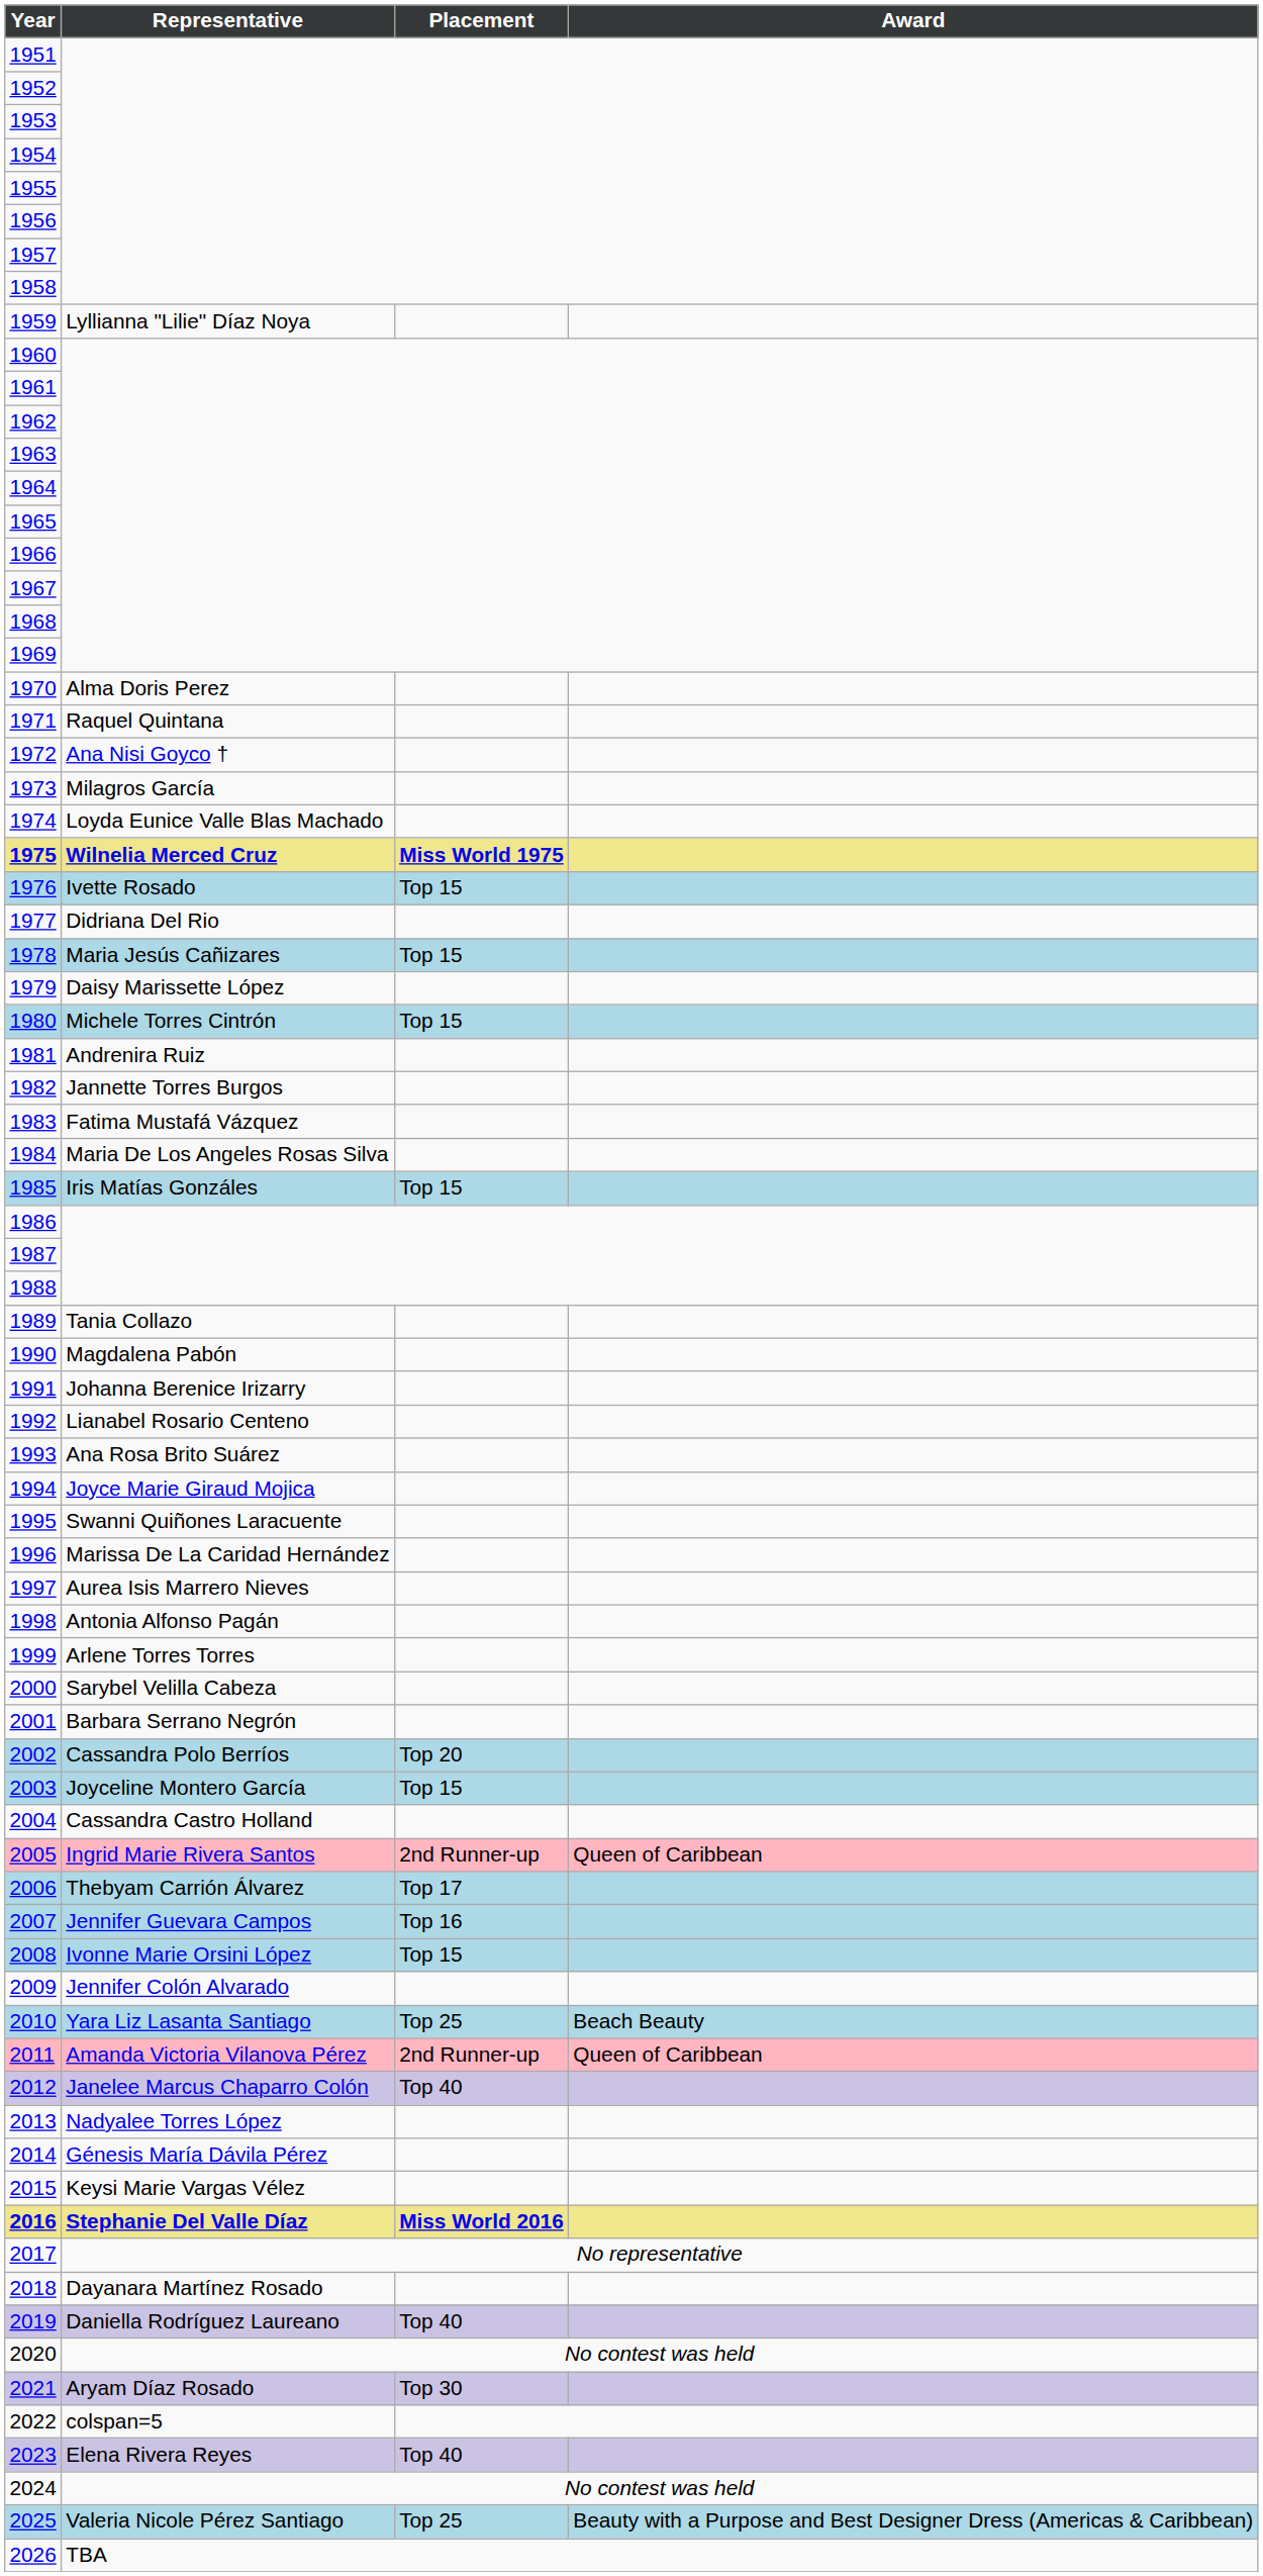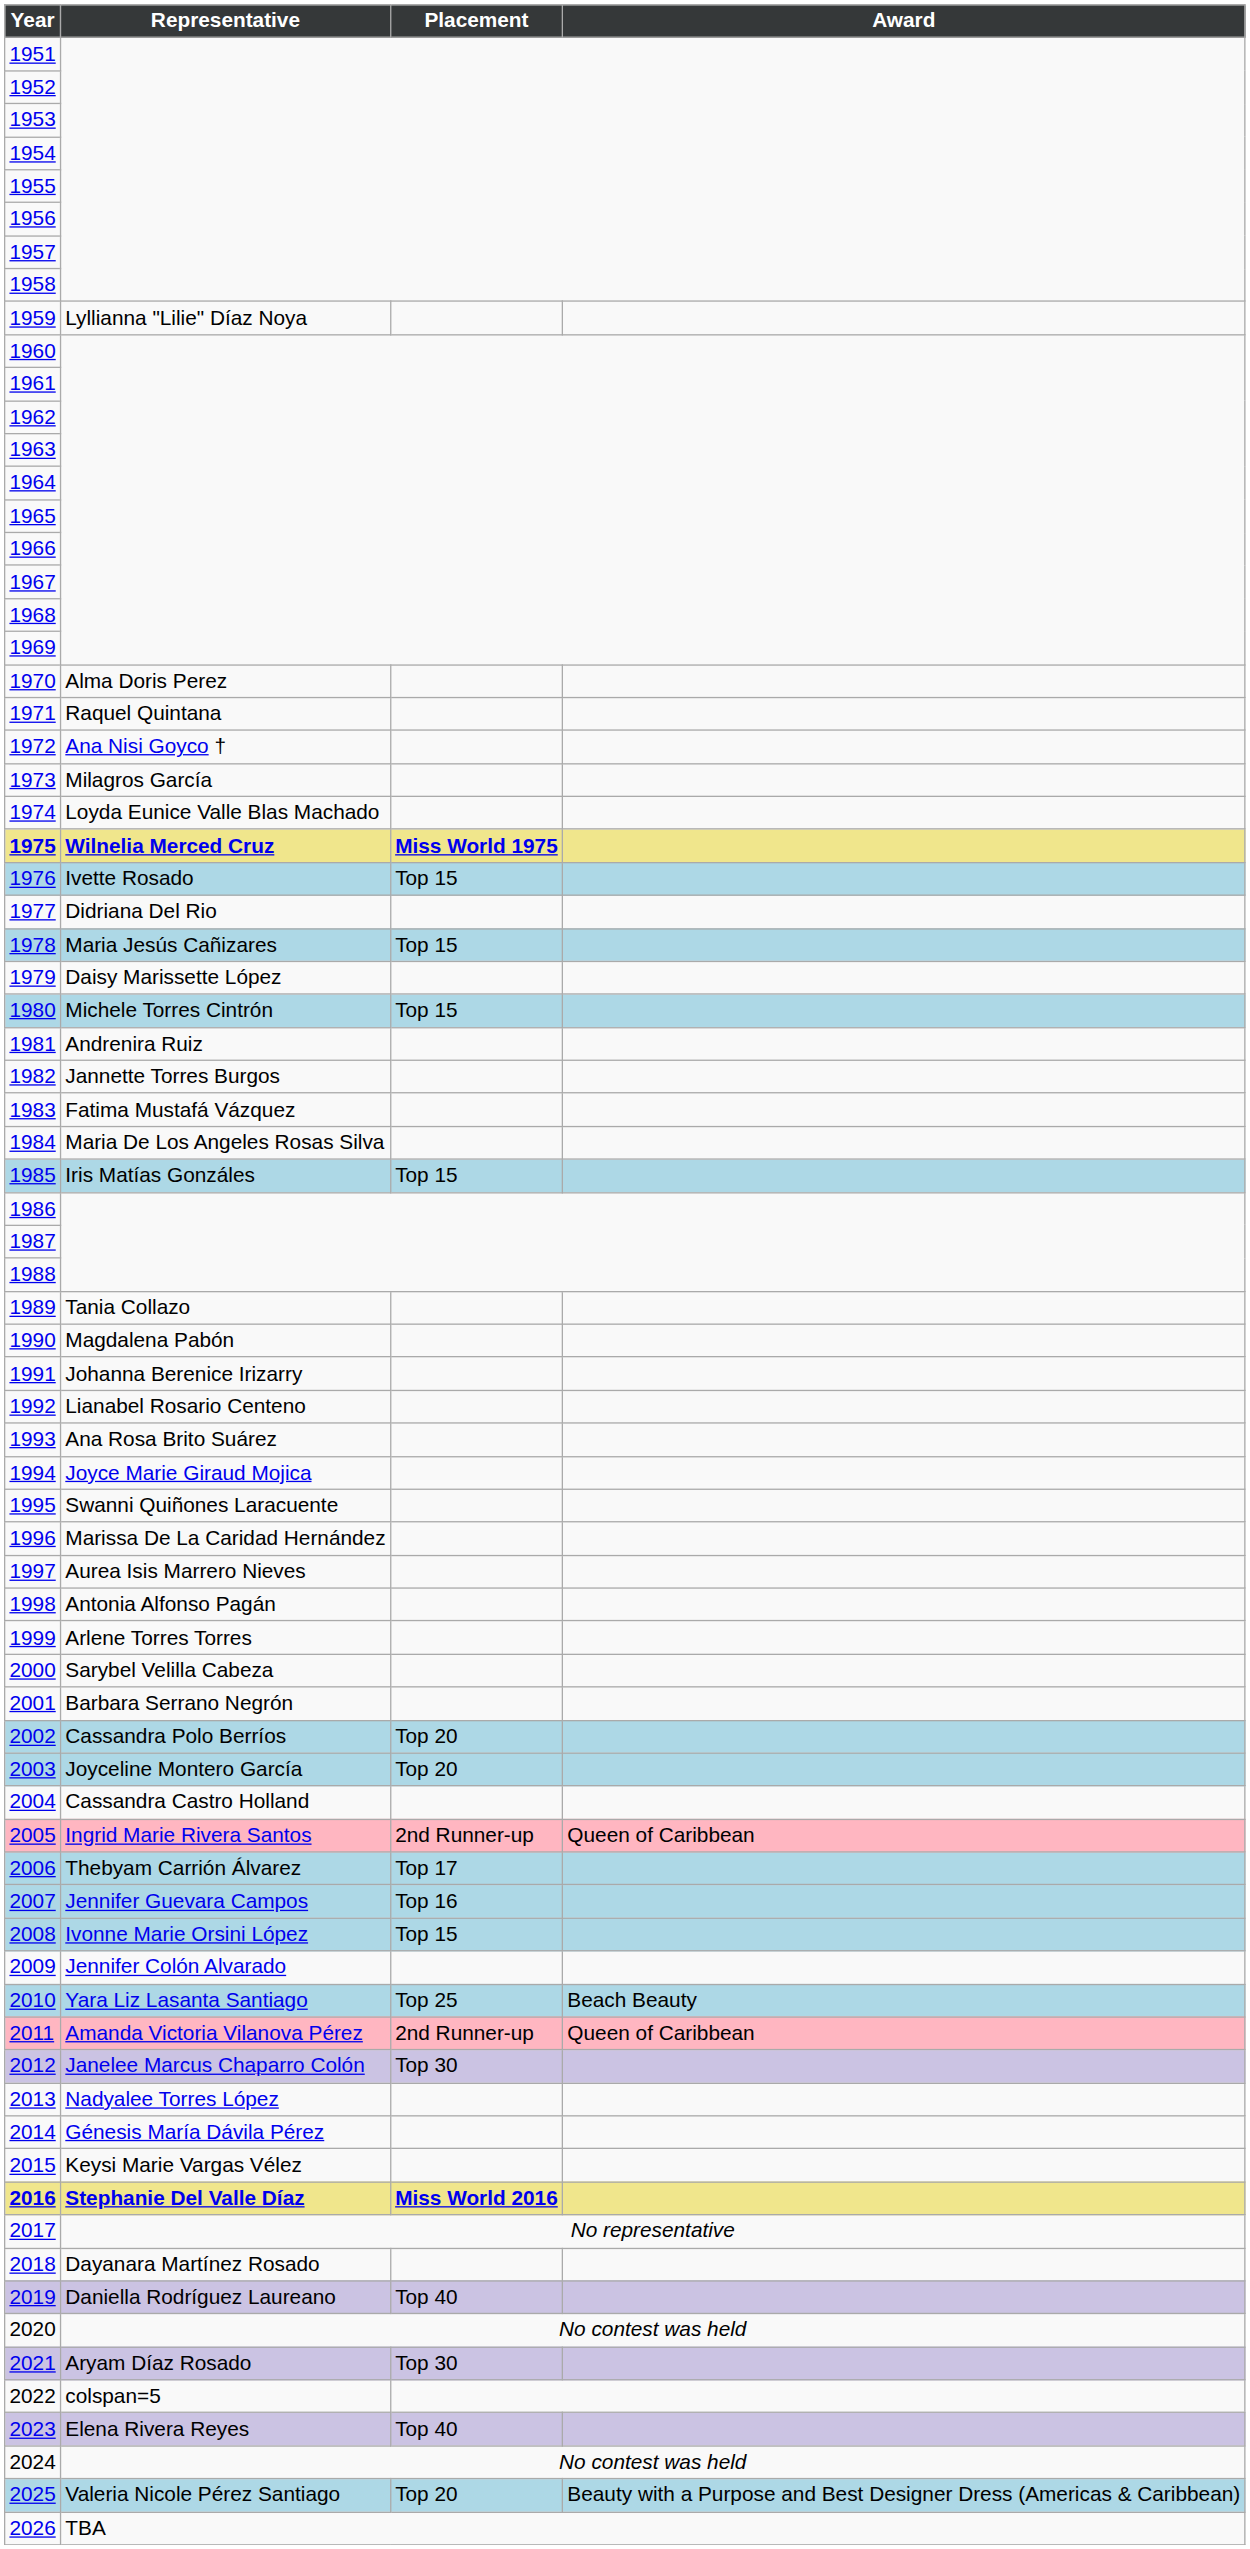 <table class="wikitable">
 <tr>
 <th style="background-color:#353839; color:white;">Year</th>
 <th style="background-color:#353839; color:white;">Representative</th>
 <th style="background-color:#353839; color:white;">Placement</th>
 <th style="background-color:#353839; color:white;">Award</th>
 </tr>
 <tr>
 <td><a href='#'>1951</a></td>
 <td colspan="4" ! rowspan="8"></td>
 </tr>
 <tr>
 <td><a href='#'>1952</a></td>
 </tr>
 <tr>
 <td><a href='#'>1953</a></td>
 </tr>
 <tr>
 <td><a href='#'>1954</a></td>
 </tr>
 <tr>
 <td><a href='#'>1955</a></td>
 </tr>
 <tr>
 <td><a href='#'>1956</a></td>
 </tr>
 <tr>
 <td><a href='#'>1957</a></td>
 </tr>
 <tr>
 <td><a href='#'>1958</a></td>
 </tr>
 <tr>
 <td><a href='#'>1959</a></td>
 <td>Lyllianna "Lilie" Díaz Noya</td>
 <td></td>
 <td></td>
 </tr>
 <tr>
 <td><a href='#'>1960</a></td>
 <td colspan="4" ! rowspan="10"></td>
 </tr>
 <tr>
 <td><a href='#'>1961</a></td>
 </tr>
 <tr>
 <td><a href='#'>1962</a></td>
 </tr>
 <tr>
 <td><a href='#'>1963</a></td>
 </tr>
 <tr>
 <td><a href='#'>1964</a></td>
 </tr>
 <tr>
 <td><a href='#'>1965</a></td>
 </tr>
 <tr>
 <td><a href='#'>1966</a></td>
 </tr>
 <tr>
 <td><a href='#'>1967</a></td>
 </tr>
 <tr>
 <td><a href='#'>1968</a></td>
 </tr>
 <tr>
 <td><a href='#'>1969</a></td>
 </tr>
 <tr>
 <td><a href='#'>1970</a></td>
 <td>Alma Doris Perez</td>
 <td></td>
 <td></td>
 </tr>
 <tr>
 <td><a href='#'>1971</a></td>
 <td>Raquel Quintana</td>
 <td></td>
 <td></td>
 </tr>
 <tr>
 <td><a href='#'>1972</a></td>
 <td><a href='#'>Ana Nisi Goyco</a> †</td>
 <td></td>
 <td></td>
 </tr>
 <tr>
 <td><a href='#'>1973</a></td>
 <td>Milagros García</td>
 <td></td>
 <td></td>
 </tr>
 <tr>
 <td><a href='#'>1974</a></td>
 <td>Loyda Eunice Valle Blas Machado</td>
 <td></td>
 <td></td>
 </tr>
 <tr>
 <td style="background-color:#F0E68C;"><strong><a href='#'>1975</a></strong></td>
 <td style="background-color:#F0E68C;"><strong><a href='#'>Wilnelia Merced Cruz</a></strong></td>
 <td style="background-color:#F0E68C;"><strong><a href='#'>Miss World 1975</a></strong></td>
 <td style="background-color:#F0E68C;"></td>
 </tr>
 <tr>
 <td style="background-color:#ADD8E6;"><a href='#'>1976</a></td>
 <td style="background-color:#ADD8E6;">Ivette Rosado</td>
 <td style="background-color:#ADD8E6;">Top 15</td>
 <td style="background-color:#ADD8E6;"></td>
 </tr>
 <tr>
 <td><a href='#'>1977</a></td>
 <td>Didriana Del Rio</td>
 <td></td>
 <td></td>
 </tr>
 <tr>
 <td style="background-color:#ADD8E6;"><a href='#'>1978</a></td>
 <td style="background-color:#ADD8E6;">Maria Jesús Cañizares</td>
 <td style="background-color:#ADD8E6;">Top 15</td>
 <td style="background-color:#ADD8E6;"></td>
 </tr>
 <tr>
 <td><a href='#'>1979</a></td>
 <td>Daisy Marissette López</td>
 <td></td>
 <td></td>
 </tr>
 <tr>
 <td style="background-color:#ADD8E6;"><a href='#'>1980</a></td>
 <td style="background-color:#ADD8E6;">Michele Torres Cintrón</td>
 <td style="background-color:#ADD8E6;">Top 15</td>
 <td style="background-color:#ADD8E6;"></td>
 </tr>
 <tr>
 <td><a href='#'>1981</a></td>
 <td>Andrenira Ruiz</td>
 <td></td>
 <td></td>
 </tr>
 <tr>
 <td><a href='#'>1982</a></td>
 <td>Jannette Torres Burgos</td>
 <td></td>
 <td></td>
 </tr>
 <tr>
 <td><a href='#'>1983</a></td>
 <td>Fatima Mustafá Vázquez</td>
 <td></td>
 <td></td>
 </tr>
 <tr>
 <td><a href='#'>1984</a></td>
 <td>Maria De Los Angeles Rosas Silva</td>
 <td></td>
 <td></td>
 </tr>
 <tr>
 <td style="background-color:#ADD8E6;"><a href='#'>1985</a></td>
 <td style="background-color:#ADD8E6;">Iris Matías Gonzáles</td>
 <td style="background-color:#ADD8E6;">Top 15</td>
 <td style="background-color:#ADD8E6;"></td>
 </tr>
 <tr>
 <td><a href='#'>1986</a></td>
 <td colspan="4" ! rowspan="3"></td>
 </tr>
 <tr>
 <td><a href='#'>1987</a></td>
 </tr>
 <tr>
 <td><a href='#'>1988</a></td>
 </tr>
 <tr>
 <td><a href='#'>1989</a></td>
 <td>Tania Collazo</td>
 <td></td>
 <td></td>
 </tr>
 <tr>
 <td><a href='#'>1990</a></td>
 <td>Magdalena Pabón</td>
 <td></td>
 <td></td>
 </tr>
 <tr>
 <td><a href='#'>1991</a></td>
 <td>Johanna Berenice Irizarry</td>
 <td></td>
 <td></td>
 </tr>
 <tr>
 <td><a href='#'>1992</a></td>
 <td>Lianabel Rosario Centeno</td>
 <td></td>
 <td></td>
 </tr>
 <tr>
 <td><a href='#'>1993</a></td>
 <td>Ana Rosa Brito Suárez</td>
 <td></td>
 <td></td>
 </tr>
 <tr>
 <td><a href='#'>1994</a></td>
 <td><a href='#'>Joyce Marie Giraud Mojica</a></td>
 <td></td>
 <td></td>
 </tr>
 <tr>
 <td><a href='#'>1995</a></td>
 <td>Swanni Quiñones Laracuente</td>
 <td></td>
 <td></td>
 </tr>
 <tr>
 <td><a href='#'>1996</a></td>
 <td>Marissa De La Caridad Hernández</td>
 <td></td>
 <td></td>
 </tr>
 <tr>
 <td><a href='#'>1997</a></td>
 <td>Aurea Isis Marrero Nieves</td>
 <td></td>
 <td></td>
 </tr>
 <tr>
 <td><a href='#'>1998</a></td>
 <td>Antonia Alfonso Pagán</td>
 <td></td>
 <td></td>
 </tr>
 <tr>
 <td><a href='#'>1999</a></td>
 <td>Arlene Torres Torres</td>
 <td></td>
 <td></td>
 </tr>
 <tr>
 <td><a href='#'>2000</a></td>
 <td>Sarybel Velilla Cabeza</td>
 <td></td>
 <td></td>
 </tr>
 <tr>
 <td><a href='#'>2001</a></td>
 <td>Barbara Serrano Negrón</td>
 <td></td>
 <td></td>
 </tr>
 <tr>
 <td style="background-color:#ADD8E6;"><a href='#'>2002</a></td>
 <td style="background-color:#ADD8E6;">Cassandra Polo Berríos</td>
 <td style="background-color:#ADD8E6;">Top 20</td>
 <td style="background-color:#ADD8E6;"></td>
 </tr>
 <tr>
 <td style="background-color:#ADD8E6;"><a href='#'>2003</a></td>
 <td style="background-color:#ADD8E6;">Joyceline Montero García</td>
-<td style="background-color:#ADD8E6;">Top 15</td>
+<td style="background-color:#ADD8E6;">Top 20</td>
 <td style="background-color:#ADD8E6;"></td>
 </tr>
 <tr>
 <td><a href='#'>2004</a></td>
 <td>Cassandra Castro Holland</td>
 <td></td>
 <td></td>
 </tr>
 <tr>
 <td style="background-color:#FFB6C1;"><a href='#'>2005</a></td>
 <td style="background-color:#FFB6C1;"><a href='#'>Ingrid Marie Rivera Santos</a></td>
 <td style="background-color:#FFB6C1;">2nd Runner-up</td>
 <td style="background-color:#FFB6C1;">Queen of Caribbean</td>
 </tr>
 <tr>
 <td style="background-color:#ADD8E6;"><a href='#'>2006</a></td>
 <td style="background-color:#ADD8E6;">Thebyam Carrión Álvarez</td>
 <td style="background-color:#ADD8E6;">Top 17</td>
 <td style="background-color:#ADD8E6;"></td>
 </tr>
 <tr>
 <td style="background-color:#ADD8E6;"><a href='#'>2007</a></td>
 <td style="background-color:#ADD8E6;"><a href='#'>Jennifer Guevara Campos</a></td>
 <td style="background-color:#ADD8E6;">Top 16</td>
 <td style="background-color:#ADD8E6;"></td>
 </tr>
 <tr>
 <td style="background-color:#ADD8E6;"><a href='#'>2008</a></td>
 <td style="background-color:#ADD8E6;"><a href='#'>Ivonne Marie Orsini López</a></td>
 <td style="background-color:#ADD8E6;">Top 15</td>
 <td style="background-color:#ADD8E6;"></td>
 </tr>
 <tr>
 <td><a href='#'>2009</a></td>
 <td><a href='#'>Jennifer Colón Alvarado</a></td>
 <td></td>
 <td></td>
 </tr>
 <tr>
 <td style="background-color:#ADD8E6;"><a href='#'>2010</a></td>
 <td style="background-color:#ADD8E6;"><a href='#'>Yara Liz Lasanta Santiago</a></td>
 <td style="background-color:#ADD8E6;">Top 25</td>
 <td style="background-color:#ADD8E6;">Beach Beauty</td>
 </tr>
 <tr>
 <td style="background-color:#FFB6C1;"><a href='#'>2011</a></td>
 <td style="background-color:#FFB6C1;"><a href='#'>Amanda Victoria Vilanova Pérez</a></td>
 <td style="background-color:#FFB6C1;">2nd Runner-up</td>
 <td style="background-color:#FFB6C1;">Queen of Caribbean</td>
 </tr>
 <tr>
 <td style="background-color:#CBC3E3;"><a href='#'>2012</a></td>
 <td style="background-color:#CBC3E3;"><a href='#'>Janelee Marcus Chaparro Colón</a></td>
-<td style="background-color:#CBC3E3;">Top 40</td>
+<td style="background-color:#CBC3E3;">Top 30</td>
 <td style="background-color:#CBC3E3;"></td>
 </tr>
 <tr>
 <td><a href='#'>2013</a></td>
 <td><a href='#'>Nadyalee Torres López</a></td>
 <td></td>
 <td></td>
 </tr>
 <tr>
 <td><a href='#'>2014</a></td>
 <td><a href='#'>Génesis María Dávila Pérez</a></td>
 <td></td>
 <td></td>
 </tr>
 <tr>
 <td><a href='#'>2015</a></td>
 <td>Keysi Marie Vargas Vélez</td>
 <td></td>
 <td></td>
 </tr>
 <tr>
 <td style="background-color:#F0E68C;"><strong><a href='#'>2016</a></strong></td>
 <td style="background-color:#F0E68C;"><strong><a href='#'>Stephanie Del Valle Díaz</a></strong></td>
 <td style="background-color:#F0E68C;"><strong><a href='#'>Miss World 2016</a></strong></td>
 <td style="background-color:#F0E68C;"></td>
 </tr>
 <tr>
 <td><a href='#'>2017</a></td>
 <td colspan="3" style="text-align:center;"><em>No representative</em></td>
 </tr>
 <tr>
 <td><a href='#'>2018</a></td>
 <td>Dayanara Martínez Rosado</td>
 <td></td>
 <td></td>
 </tr>
 <tr>
 <td style="background-color:#CBC3E3;"><a href='#'>2019</a></td>
 <td style="background-color:#CBC3E3;">Daniella Rodríguez Laureano</td>
 <td style="background-color:#CBC3E3;">Top 40</td>
 <td style="background-color:#CBC3E3;"></td>
 </tr>
 <tr>
 <td>2020</td>
 <td colspan="4" style="text-align:center;"><em>No contest was held</em></td>
 </tr>
 <tr>
 <td style="background-color:#CBC3E3;"><a href='#'>2021</a></td>
 <td style="background-color:#CBC3E3;">Aryam Díaz Rosado</td>
 <td style="background-color:#CBC3E3;">Top 30</td>
 <td style="background-color:#CBC3E3;"></td>
 </tr>
 <tr>
 <td>2022</td>
 <td>colspan=5 </td>
 </tr>
 <tr>
 <td style="background-color:#CBC3E3;"><a href='#'>2023</a></td>
 <td style="background-color:#CBC3E3;">Elena Rivera Reyes</td>
 <td style="background-color:#CBC3E3;">Top 40</td>
 <td style="background-color:#CBC3E3;"></td>
 </tr>
 <tr>
 <td>2024</td>
 <td colspan="4" style="text-align:center;"><em>No contest was held</em></td>
 </tr>
 <tr>
 <td style="background-color:#ADD8E6;"><a href='#'>2025</a></td>
 <td style="background-color:#ADD8E6;">Valeria Nicole Pérez Santiago</td>
-<td style="background-color:#ADD8E6;">Top 25</td>
+<td style="background-color:#ADD8E6;">Top 20</td>
 <td style="background-color:#ADD8E6;">Beauty with a Purpose and Best Designer Dress (Americas & Caribbean)</td>
 </tr>
 <tr>
 <td><a href='#'>2026</a></td>
 <td colspan=4>TBA</td>
 </tr>
 </table>
